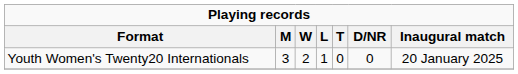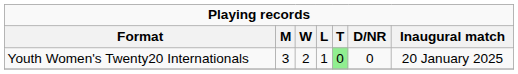 <table class="wikitable" style="text-align: center; width: 600px">
 <tr>
 <td colspan=7 align="center"><strong>Playing records</strong></td>
 </tr>
 <tr>
 <th>Format</th>
 <th>M</th>
 <th>W</th>
 <th>L</th>
 <th>T</th>
 <th>D/NR</th>
 <th>Inaugural match</th>
 </tr>
 <tr>
 <td align="left">Youth Women's Twenty20 Internationals</td>
 <td>3</td>
 <td>2</td>
 <td>1</td>
-<td>0</td>
+<td style="background: lightgreen;">0</td>
 <td>0</td>
 <td>20 January 2025</td>
 </tr>
 <tr>
 </tr>
 </table>
